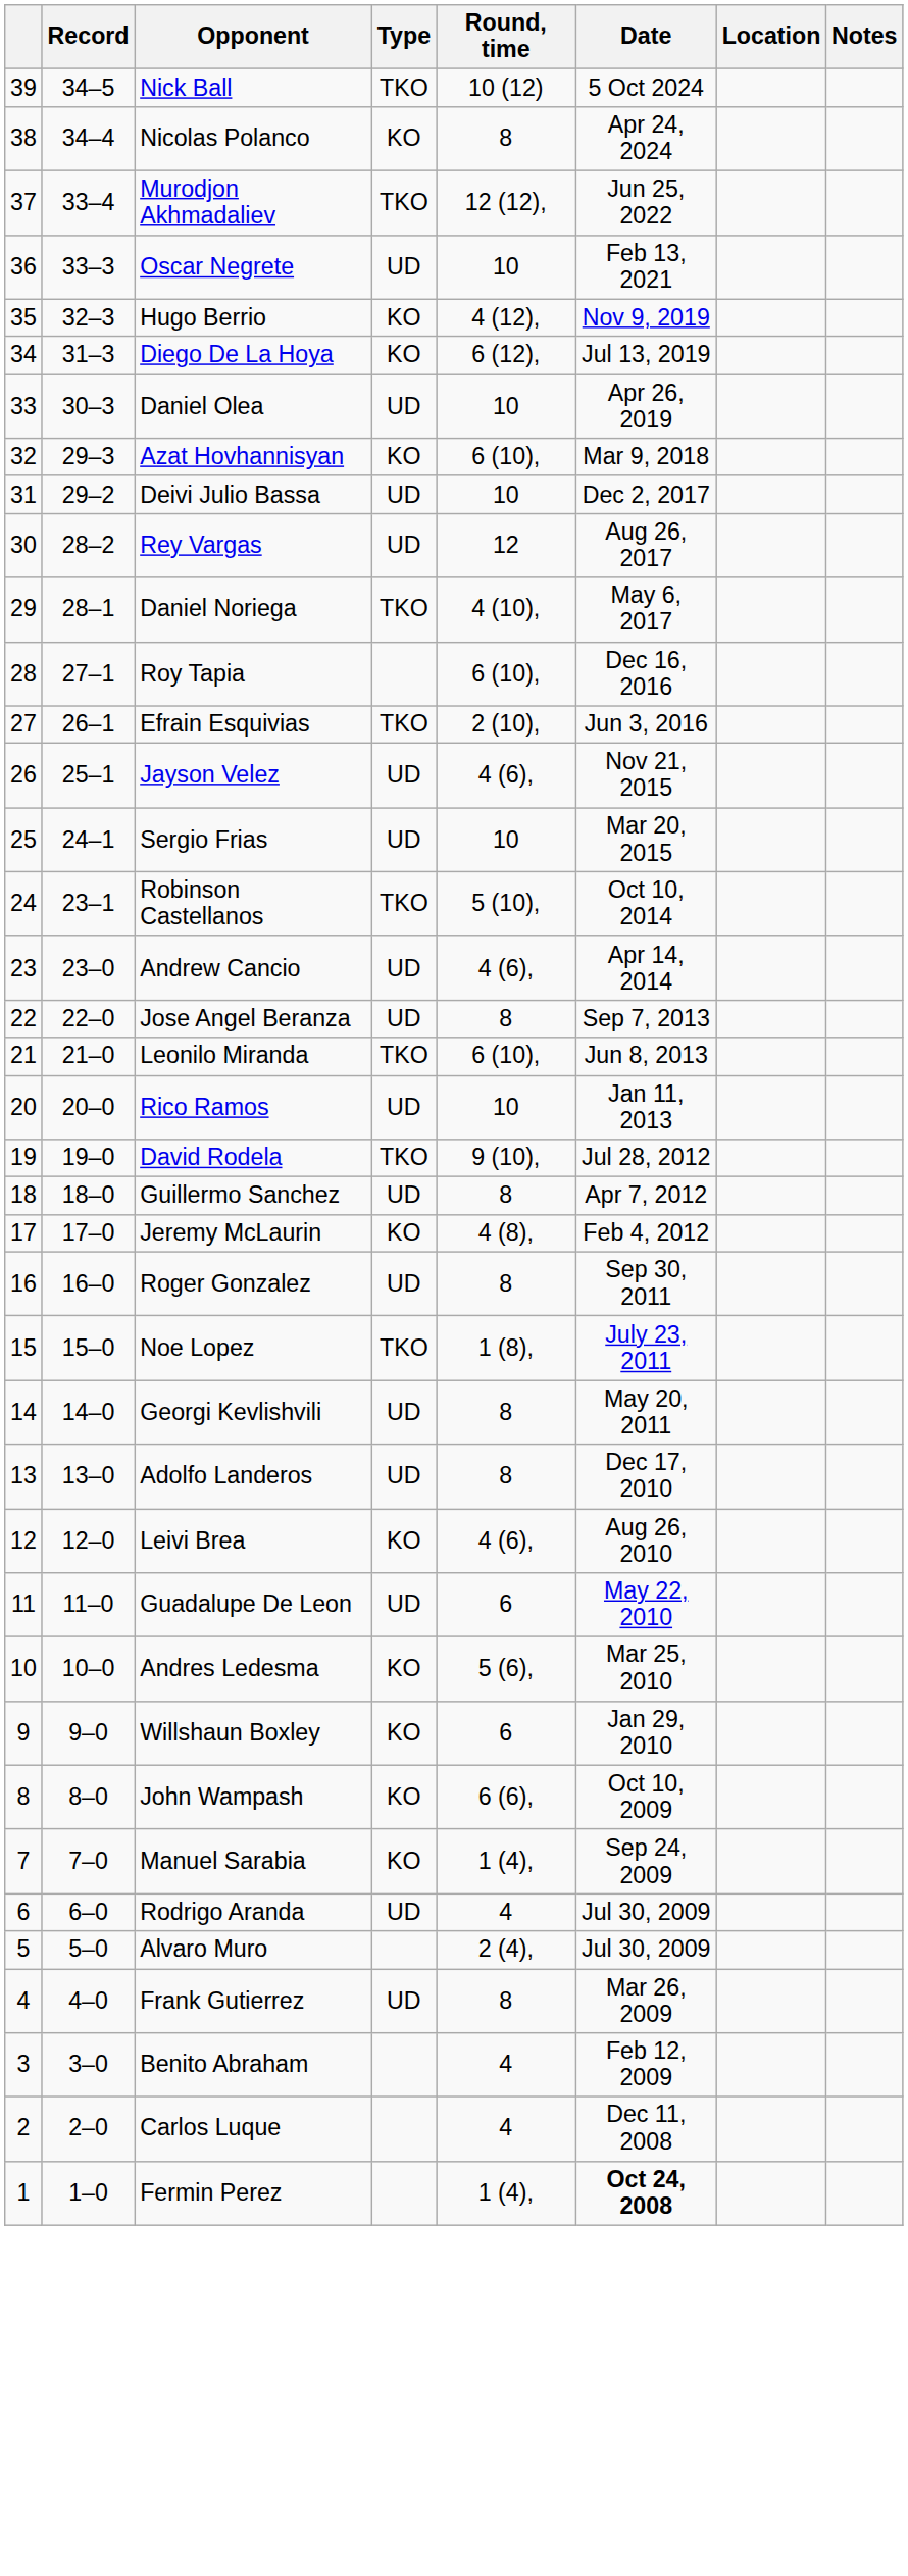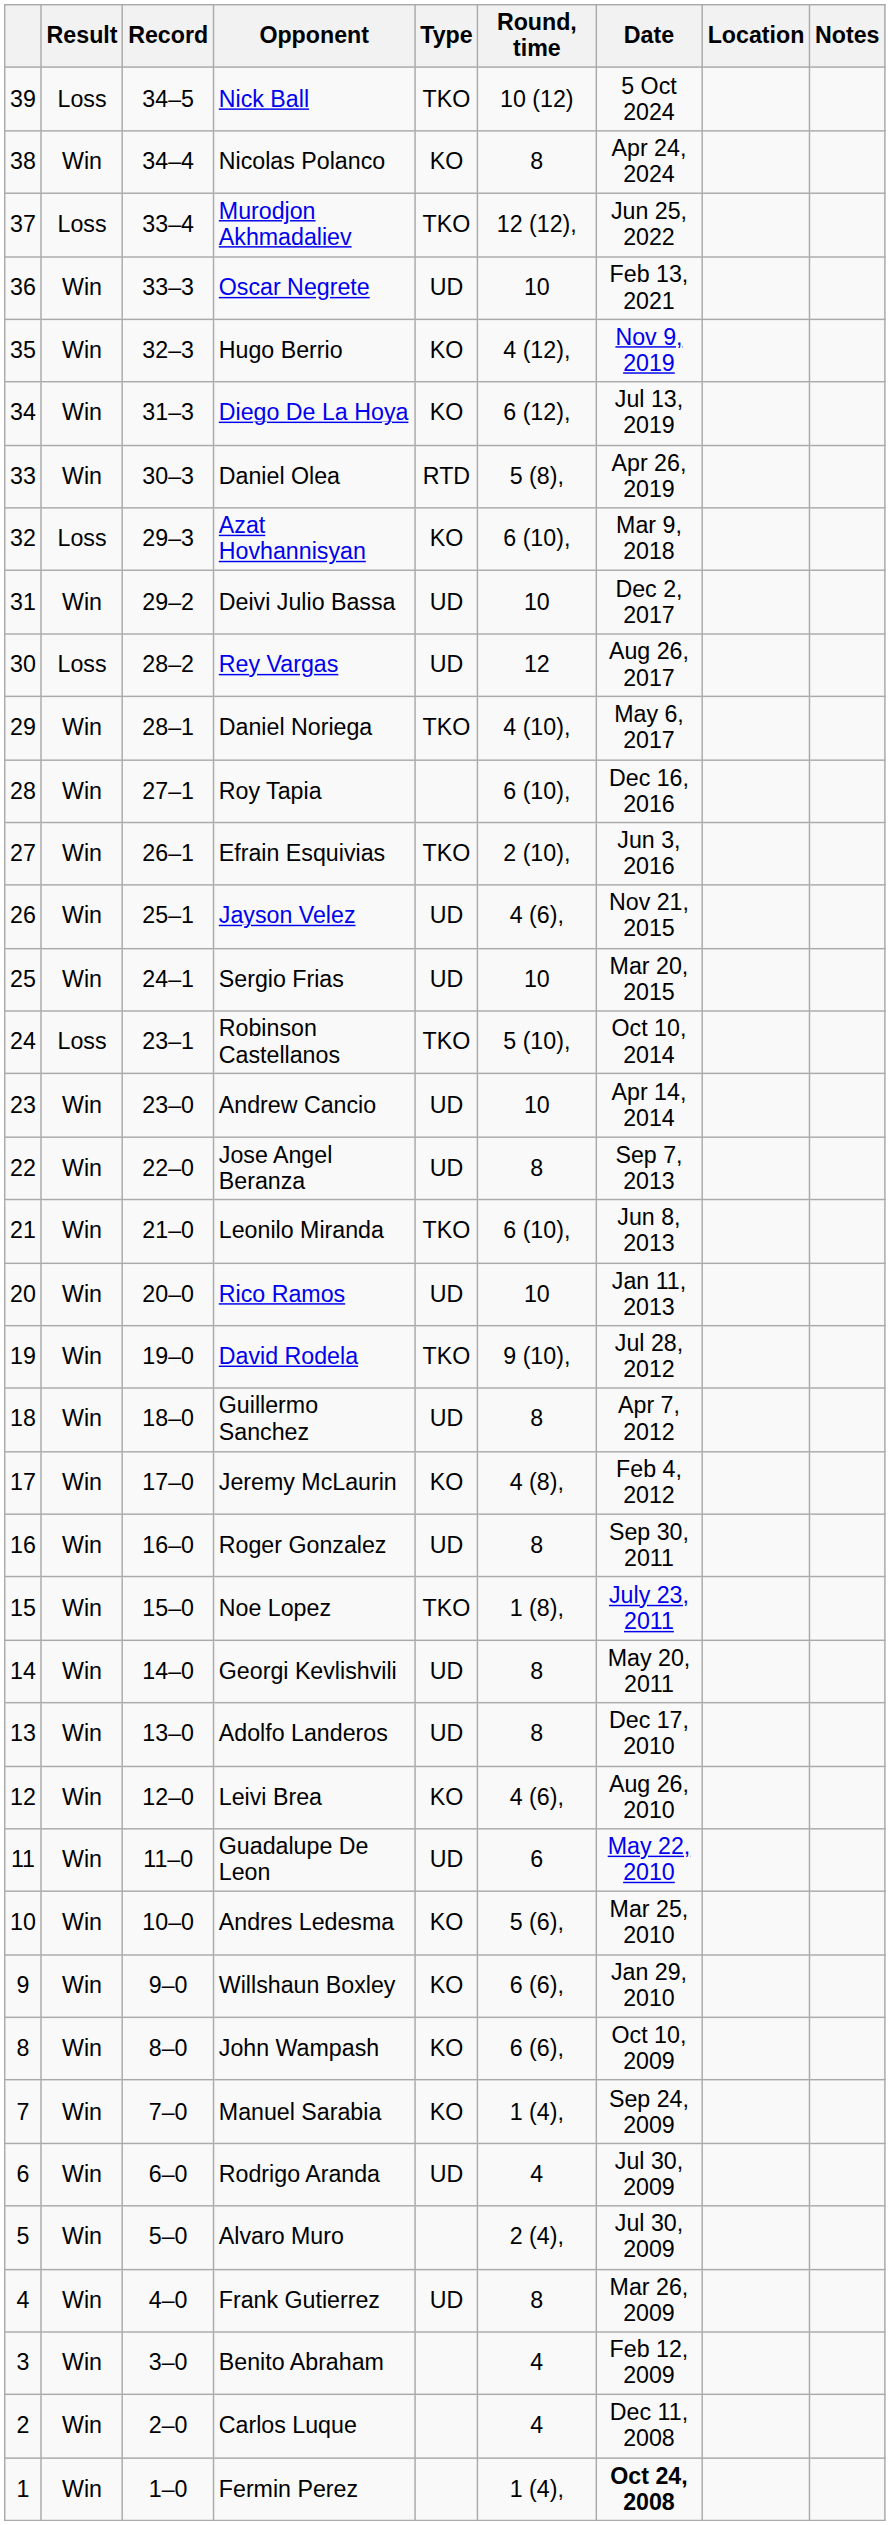 <table class="wikitable" style="text-align:center">
 <tr>
 <th></th>
+<th>Result</th>
 <th>Record</th>
 <th>Opponent</th>
 <th>Type</th>
 <th>Round, time</th>
 <th>Date</th>
 <th>Location</th>
 <th>Notes</th>
 </tr>
 <tr>
 <td>39</td>
+<td>Loss</td>
 <td>34–5</td>
 <td align=left><a href='#'>Nick Ball</a></td>
 <td>TKO</td>
 <td>10 (12)</td>
 <td>5 Oct 2024</td>
 <td align=left></td>
 <td align=left></td>
 </tr>
 <tr>
 <td>38</td>
+<td>Win</td>
 <td>34–4</td>
 <td align="left">Nicolas Polanco</td>
 <td>KO</td>
 <td>8</td>
 <td>Apr 24, 2024</td>
 <td align="left"></td>
 <td></td>
 </tr>
 <tr>
 <td>37</td>
+<td>Loss</td>
 <td>33–4</td>
 <td align="left"><a href='#'>Murodjon Akhmadaliev</a></td>
 <td>TKO</td>
 <td>12 (12), </td>
 <td>Jun 25, 2022</td>
 <td align="left"></td>
 <td align="left"></td>
 </tr>
 <tr>
 <td>36</td>
+<td>Win</td>
 <td>33–3</td>
 <td align=left><a href='#'>Oscar Negrete</a></td>
 <td>UD</td>
 <td>10</td>
 <td>Feb 13, 2021</td>
 <td align=left></td>
 <td></td>
 </tr>
 <tr>
 <td>35</td>
+<td>Win</td>
 <td>32–3</td>
 <td align=left>Hugo Berrio</td>
 <td>KO</td>
 <td>4 (12), </td>
 <td><a href='#'>Nov 9, 2019</a></td>
 <td align=left></td>
 <td></td>
 </tr>
 <tr>
 <td>34</td>
+<td>Win</td>
 <td>31–3</td>
 <td align=left><a href='#'>Diego De La Hoya</a></td>
 <td>KO</td>
 <td>6 (12), </td>
 <td>Jul 13, 2019</td>
 <td align=left></td>
 <td align=left></td>
 </tr>
 <tr>
 <td>33</td>
+<td>Win</td>
 <td>30–3</td>
 <td align=left>Daniel Olea</td>
-<td>UD</td>
-<td>10</td>
+<td>RTD</td>
+<td>5 (8), </td>
 <td>Apr 26, 2019</td>
 <td align=left></td>
 <td></td>
 </tr>
 <tr>
 <td>32</td>
+<td>Loss</td>
 <td>29–3</td>
 <td align=left><a href='#'>Azat Hovhannisyan</a></td>
 <td>KO</td>
 <td>6 (10), </td>
 <td>Mar 9, 2018</td>
 <td align=left></td>
 <td align=left></td>
 </tr>
 <tr>
 <td>31</td>
+<td>Win</td>
 <td>29–2</td>
 <td align=left>Deivi Julio Bassa</td>
 <td>UD</td>
 <td>10</td>
 <td>Dec 2, 2017</td>
 <td align=left></td>
 <td></td>
 </tr>
 <tr>
 <td>30</td>
+<td>Loss</td>
 <td>28–2</td>
 <td align=left><a href='#'>Rey Vargas</a></td>
 <td>UD</td>
 <td>12</td>
 <td>Aug 26, 2017</td>
 <td align=left></td>
 <td align=left></td>
 </tr>
 <tr>
 <td>29</td>
+<td>Win</td>
 <td>28–1</td>
 <td align=left>Daniel Noriega</td>
 <td>TKO</td>
 <td>4 (10), </td>
 <td>May 6, 2017</td>
 <td align=left></td>
 <td></td>
 </tr>
 <tr>
 <td>28</td>
+<td>Win</td>
 <td>27–1</td>
 <td align=left>Roy Tapia</td>
 <td></td>
 <td>6 (10), </td>
 <td>Dec 16, 2016</td>
 <td align=left></td>
 <td></td>
 </tr>
 <tr>
 <td>27</td>
+<td>Win</td>
 <td>26–1</td>
 <td align=left>Efrain Esquivias</td>
 <td>TKO</td>
 <td>2 (10), </td>
 <td>Jun 3, 2016</td>
 <td align=left></td>
 <td></td>
 </tr>
 <tr>
 <td>26</td>
+<td>Win</td>
 <td>25–1</td>
 <td align=left><a href='#'>Jayson Velez</a></td>
 <td>UD</td>
 <td>4 (6), </td>
 <td>Nov 21, 2015</td>
 <td align=left></td>
 <td align=left></td>
 </tr>
 <tr>
 <td>25</td>
+<td>Win</td>
 <td>24–1</td>
 <td align=left>Sergio Frias</td>
 <td>UD</td>
 <td>10</td>
 <td>Mar 20, 2015</td>
 <td align=left></td>
 <td></td>
 </tr>
 <tr>
 <td>24</td>
+<td>Loss</td>
 <td>23–1</td>
 <td align=left>Robinson Castellanos</td>
 <td>TKO</td>
 <td>5 (10), </td>
 <td>Oct 10, 2014</td>
 <td align=left></td>
 <td></td>
 </tr>
 <tr>
 <td>23</td>
+<td>Win</td>
 <td>23–0</td>
 <td align=left>Andrew Cancio</td>
 <td>UD</td>
-<td>4 (6), </td>
+<td>10</td>
 <td>Apr 14, 2014</td>
 <td align=left></td>
 <td></td>
 </tr>
 <tr>
 <td>22</td>
+<td>Win</td>
 <td>22–0</td>
 <td align=left>Jose Angel Beranza</td>
 <td>UD</td>
 <td>8</td>
 <td>Sep 7, 2013</td>
 <td align=left></td>
 <td></td>
 </tr>
 <tr>
 <td>21</td>
+<td>Win</td>
 <td>21–0</td>
 <td align=left>Leonilo Miranda</td>
 <td>TKO</td>
 <td>6 (10), </td>
 <td>Jun 8, 2013</td>
 <td align=left></td>
 <td></td>
 </tr>
 <tr>
 <td>20</td>
+<td>Win</td>
 <td>20–0</td>
 <td align=left><a href='#'>Rico Ramos</a></td>
 <td>UD</td>
 <td>10</td>
 <td>Jan 11, 2013</td>
 <td align=left></td>
 <td align=left></td>
 </tr>
 <tr>
 <td>19</td>
+<td>Win</td>
 <td>19–0</td>
 <td align=left><a href='#'>David Rodela</a></td>
 <td>TKO</td>
 <td>9 (10), </td>
 <td>Jul 28, 2012</td>
 <td align=left></td>
 <td align=left></td>
 </tr>
 <tr>
 <td>18</td>
+<td>Win</td>
 <td>18–0</td>
 <td align=left>Guillermo Sanchez</td>
 <td>UD</td>
 <td>8</td>
 <td>Apr 7, 2012</td>
 <td align=left></td>
 <td align=left></td>
 </tr>
 <tr>
 <td>17</td>
+<td>Win</td>
 <td>17–0</td>
 <td align=left>Jeremy McLaurin</td>
 <td>KO</td>
 <td>4 (8), </td>
 <td>Feb 4, 2012</td>
 <td align=left></td>
 <td align=left></td>
 </tr>
 <tr>
 <td>16</td>
+<td>Win</td>
 <td>16–0</td>
 <td align=left>Roger Gonzalez</td>
 <td>UD</td>
 <td>8</td>
 <td>Sep 30, 2011</td>
 <td align=left></td>
 <td align=left></td>
 </tr>
 <tr>
 <td>15</td>
+<td>Win</td>
 <td>15–0</td>
 <td align=left>Noe Lopez</td>
 <td>TKO</td>
 <td>1 (8), </td>
 <td><a href='#'>July 23, 2011</a></td>
 <td align=left></td>
 <td align=left></td>
 </tr>
 <tr>
 <td>14</td>
+<td>Win</td>
 <td>14–0</td>
 <td align=left>Georgi Kevlishvili</td>
 <td>UD</td>
 <td>8</td>
 <td>May 20, 2011</td>
 <td align=left></td>
 <td align=left></td>
 </tr>
 <tr>
 <td>13</td>
+<td>Win</td>
 <td>13–0</td>
 <td align=left>Adolfo Landeros</td>
 <td>UD</td>
 <td>8</td>
 <td>Dec 17, 2010</td>
 <td align=left></td>
 <td align=left></td>
 </tr>
 <tr>
 <td>12</td>
+<td>Win</td>
 <td>12–0</td>
 <td align=left>Leivi Brea</td>
 <td>KO</td>
 <td>4 (6), </td>
 <td>Aug 26, 2010</td>
 <td align=left></td>
 <td align=left></td>
 </tr>
 <tr>
 <td>11</td>
+<td>Win</td>
 <td>11–0</td>
 <td align=left>Guadalupe De Leon</td>
 <td>UD</td>
 <td>6</td>
 <td><a href='#'>May 22, 2010</a></td>
 <td align=left></td>
 <td align=left></td>
 </tr>
 <tr>
 <td>10</td>
+<td>Win</td>
 <td>10–0</td>
 <td align=left>Andres Ledesma</td>
 <td>KO</td>
 <td>5 (6), </td>
 <td>Mar 25, 2010</td>
 <td align=left></td>
 <td align=left></td>
 </tr>
 <tr>
 <td>9</td>
+<td>Win</td>
 <td>9–0</td>
 <td align=left>Willshaun Boxley</td>
 <td>KO</td>
-<td>6</td>
+<td>6 (6), </td>
 <td>Jan 29, 2010</td>
 <td align=left></td>
 <td align=left></td>
 </tr>
 <tr>
 <td>8</td>
+<td>Win</td>
 <td>8–0</td>
 <td align=left>John Wampash</td>
 <td>KO</td>
 <td>6 (6), </td>
 <td>Oct 10, 2009</td>
 <td align=left></td>
 <td align=left></td>
 </tr>
 <tr>
 <td>7</td>
+<td>Win</td>
 <td>7–0</td>
 <td align=left>Manuel Sarabia</td>
 <td>KO</td>
 <td>1 (4), </td>
 <td>Sep 24, 2009</td>
 <td align=left></td>
 <td align=left></td>
 </tr>
 <tr>
 <td>6</td>
+<td>Win</td>
 <td>6–0</td>
 <td align=left>Rodrigo Aranda</td>
 <td>UD</td>
 <td>4</td>
 <td>Jul 30, 2009</td>
 <td align=left></td>
 <td align=left></td>
 </tr>
 <tr>
 <td>5</td>
+<td>Win</td>
 <td>5–0</td>
 <td align=left>Alvaro Muro</td>
 <td></td>
 <td>2 (4), </td>
 <td>Jul 30, 2009</td>
 <td align=left></td>
 <td align=left></td>
 </tr>
 <tr>
 <td>4</td>
+<td>Win</td>
 <td>4–0</td>
 <td align=left>Frank Gutierrez</td>
 <td>UD</td>
 <td>8</td>
 <td>Mar 26, 2009</td>
 <td align=left></td>
 <td align=left></td>
 </tr>
 <tr>
 <td>3</td>
+<td>Win</td>
 <td>3–0</td>
 <td align=left>Benito Abraham</td>
 <td></td>
 <td>4</td>
 <td>Feb 12, 2009</td>
 <td align=left></td>
 <td align=left></td>
 </tr>
 <tr>
 <td>2</td>
+<td>Win</td>
 <td>2–0</td>
 <td align=left>Carlos Luque</td>
 <td></td>
 <td>4</td>
 <td>Dec 11, 2008</td>
 <td align=left></td>
 <td align=left></td>
 </tr>
 <tr>
 <td>1</td>
+<td>Win</td>
 <td>1–0</td>
 <td align=left>Fermin Perez</td>
 <td></td>
 <td>1 (4), </td>
 <td><strong>Oct 24, 2008</strong></td>
 <td align=left></td>
 <td align=left></td>
 </tr>
 </table>
